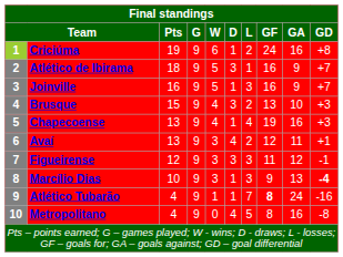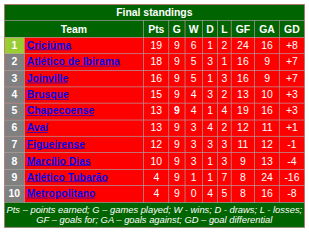 <table class="wikitable" style="text-align:center; color:#ffffff; background:#ff0000">
 <tr>
 <th style="background:#006400" colspan="10">Final standings</th>
 </tr>
 <tr>
 <th style="background:#006400" colspan="2">Team</th>
 <th style="background:#006400">Pts</th>
 <th style="background:#006400">G</th>
 <th style="background:#006400">W</th>
 <th style="background:#006400">D</th>
 <th style="background:#006400">L</th>
 <th style="background:#006400">GF</th>
 <th style="background:#006400">GA</th>
 <th style="background:#006400">GD</th>
 </tr>
 <tr>
 <th style="background:#9acd32">1</th>
 <td align=left><strong><a href='#'><span>Criciúma</span></a></strong></td>
 <td>19</td>
 <td>9</td>
 <td>6</td>
 <td>1</td>
 <td>2</td>
 <td>24</td>
 <td>16</td>
 <td>+8</td>
 </tr>
 <tr>
 <th style="background:#808080">2</th>
 <td align=left><strong><a href='#'><span>Atlético de Ibirama</span></a></strong></td>
 <td>18</td>
 <td>9</td>
 <td>5</td>
 <td>3</td>
 <td>1</td>
 <td>16</td>
 <td>9</td>
 <td>+7</td>
 </tr>
 <tr>
 <th style="background:#808080">3</th>
 <td align=left><strong><a href='#'><span>Joinville</span></a></strong></td>
 <td>16</td>
 <td>9</td>
 <td>5</td>
 <td>1</td>
 <td>3</td>
 <td>16</td>
 <td>9</td>
 <td>+7</td>
 </tr>
 <tr>
 <th style="background:#808080">4</th>
 <td align=left><strong><a href='#'><span>Brusque</span></a></strong></td>
 <td>15</td>
 <td>9</td>
 <td>4</td>
 <td>3</td>
 <td>2</td>
 <td>13</td>
 <td>10</td>
 <td>+3</td>
 </tr>
 <tr>
 <th style="background:#808080">5</th>
 <td align=left><strong><a href='#'><span>Chapecoense</span></a></strong></td>
 <td>13</td>
-<td>9</td>
+<td><strong>9</strong></td>
 <td>4</td>
 <td>1</td>
 <td>4</td>
 <td>19</td>
 <td>16</td>
 <td>+3</td>
 </tr>
 <tr>
 <th style="background:#808080">6</th>
 <td align=left><strong><a href='#'><span>Avaí</span></a></strong></td>
 <td>13</td>
 <td>9</td>
 <td>3</td>
 <td>4</td>
 <td>2</td>
 <td>12</td>
 <td>11</td>
 <td>+1</td>
 </tr>
 <tr>
 <th style="background:#808080">7</th>
 <td align=left><strong><a href='#'><span>Figueirense</span></a></strong></td>
 <td>12</td>
 <td>9</td>
 <td>3</td>
 <td>3</td>
 <td>3</td>
 <td>11</td>
 <td>12</td>
 <td>-1</td>
 </tr>
 <tr>
 <th style="background:#808080">8</th>
 <td align=left><strong><a href='#'><span>Marcílio Dias</span></a></strong></td>
 <td>10</td>
 <td>9</td>
 <td>3</td>
 <td>1</td>
 <td>3</td>
 <td>9</td>
 <td>13</td>
-<td><strong>-4</strong></td>
+<td>-4</td>
 </tr>
 <tr>
 <th style="background:#808080">9</th>
 <td align=left><strong><a href='#'><span>Atlético Tubarão</span></a></strong></td>
 <td>4</td>
 <td>9</td>
 <td>1</td>
 <td>1</td>
 <td>7</td>
-<td><strong>8</strong></td>
+<td>8</td>
 <td>24</td>
 <td>-16</td>
 </tr>
 <tr>
 <th style="background:#808080">10</th>
 <td align=left><strong><a href='#'><span>Metropolitano</span></a></strong></td>
 <td>4</td>
 <td>9</td>
 <td>0</td>
 <td>4</td>
 <td>5</td>
 <td>8</td>
 <td>16</td>
 <td>-8</td>
 </tr>
 <tr>
 <td colspan="10" style="background:#006400; font-size:90%; font-style:italic">Pts – points earned; G – games played; W - wins; D - draws; L - losses;<br>GF – goals for; GA – goals against; GD – goal differential</td>
 </tr>
 </table>
